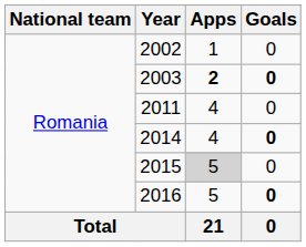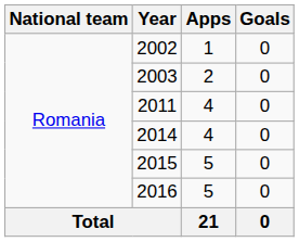 <table class="wikitable" style="text-align:center">
 <tr>
 <th>National team</th>
 <th>Year</th>
 <th>Apps</th>
 <th>Goals</th>
 </tr>
 <tr>
 <td rowspan="6"><a href='#'>Romania</a></td>
 <td>2002</td>
 <td>1</td>
 <td>0</td>
 </tr>
 <tr>
 <td>2003</td>
-<td><strong>2</strong></td>
-<td><strong>0</strong></td>
+<td>2</td>
+<td>0</td>
 </tr>
 <tr>
 <td>2011</td>
 <td>4</td>
 <td>0</td>
 </tr>
 <tr>
 <td>2014</td>
 <td>4</td>
-<td><strong>0</strong></td>
+<td>0</td>
 </tr>
 <tr>
 <td>2015</td>
-<td style="background: lightgrey;">5</td>
+<td>5</td>
 <td>0</td>
 </tr>
 <tr>
 <td>2016</td>
 <td>5</td>
-<td><strong>0</strong></td>
+<td>0</td>
 </tr>
 <tr>
 <th colspan="2">Total</th>
 <th>21</th>
 <th>0</th>
 </tr>
 </table>
